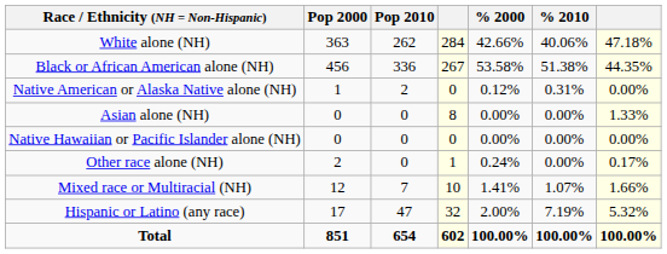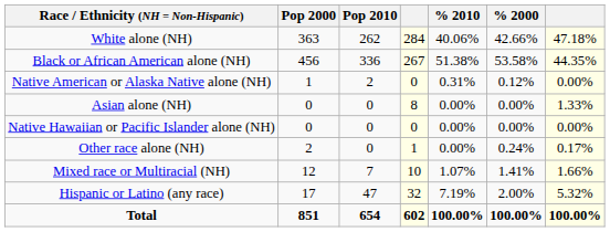 <table class="wikitable" style="text-align:center;">
 <tr>
 <th>Race / Ethnicity <small>(<em>NH = Non-Hispanic</em>)</small></th>
 <th>Pop 2000</th>
 <th>Pop 2010</th>
 <th></th>
+<th>% 2010</th>
 <th>% 2000</th>
-<th>% 2010</th>
 <th></th>
 </tr>
 <tr>
 <td><a href='#'>White</a> alone (NH)</td>
 <td>363</td>
 <td>262</td>
 <td style='background: #ffffe6;'>284</td>
+<td>40.06%</td>
 <td>42.66%</td>
-<td>40.06%</td>
 <td style='background: #ffffe6;'>47.18%</td>
 </tr>
 <tr>
 <td><a href='#'>Black or African American</a> alone (NH)</td>
 <td>456</td>
 <td>336</td>
 <td style='background: #ffffe6;'>267</td>
+<td>51.38%</td>
 <td>53.58%</td>
-<td>51.38%</td>
 <td style='background: #ffffe6;'>44.35%</td>
 </tr>
 <tr>
 <td><a href='#'>Native American</a> or <a href='#'>Alaska Native</a> alone (NH)</td>
 <td>1</td>
 <td>2</td>
 <td style='background: #ffffe6;'>0</td>
+<td>0.31%</td>
 <td>0.12%</td>
-<td>0.31%</td>
 <td style='background: #ffffe6;'>0.00%</td>
 </tr>
 <tr>
 <td><a href='#'>Asian</a> alone (NH)</td>
 <td>0</td>
 <td>0</td>
 <td style='background: #ffffe6;'>8</td>
 <td>0.00%</td>
 <td>0.00%</td>
 <td style='background: #ffffe6;'>1.33%</td>
 </tr>
 <tr>
 <td><a href='#'>Native Hawaiian</a> or <a href='#'>Pacific Islander</a> alone (NH)</td>
 <td>0</td>
 <td>0</td>
 <td style='background: #ffffe6;'>0</td>
 <td>0.00%</td>
 <td>0.00%</td>
 <td style='background: #ffffe6;'>0.00%</td>
 </tr>
 <tr>
 <td><a href='#'>Other race</a> alone (NH)</td>
 <td>2</td>
 <td>0</td>
 <td style='background: #ffffe6;'>1</td>
+<td>0.00%</td>
 <td>0.24%</td>
-<td>0.00%</td>
 <td style='background: #ffffe6;'>0.17%</td>
 </tr>
 <tr>
 <td><a href='#'>Mixed race or Multiracial</a> (NH)</td>
 <td>12</td>
 <td>7</td>
 <td style='background: #ffffe6;'>10</td>
+<td>1.07%</td>
 <td>1.41%</td>
-<td>1.07%</td>
 <td style='background: #ffffe6;'>1.66%</td>
 </tr>
 <tr>
 <td><a href='#'>Hispanic or Latino</a> (any race)</td>
 <td>17</td>
 <td>47</td>
 <td style='background: #ffffe6;'>32</td>
+<td>7.19%</td>
 <td>2.00%</td>
-<td>7.19%</td>
 <td style='background: #ffffe6;'>5.32%</td>
 </tr>
 <tr>
 <td><strong>Total</strong></td>
 <td><strong>851</strong></td>
 <td><strong>654</strong></td>
 <td style='background: #ffffe6;'><strong>602</strong></td>
 <td><strong>100.00%</strong></td>
 <td><strong>100.00%</strong></td>
 <td style='background: #ffffe6;'><strong>100.00%</strong></td>
 </tr>
 </table>
